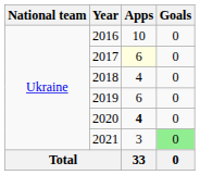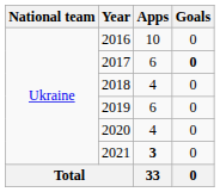 <table class="wikitable" style="text-align:center">
 <tr>
 <th>National team</th>
 <th>Year</th>
 <th>Apps</th>
 <th>Goals</th>
 </tr>
 <tr>
 <td rowspan="6"><a href='#'>Ukraine</a></td>
 <td>2016</td>
 <td>10</td>
 <td>0</td>
 </tr>
 <tr>
 <td>2017</td>
-<td style="background: lightyellow;">6</td>
-<td>0</td>
+<td>6</td>
+<td><strong>0</strong></td>
 </tr>
 <tr>
 <td>2018</td>
 <td>4</td>
 <td>0</td>
 </tr>
 <tr>
 <td>2019</td>
 <td>6</td>
 <td>0</td>
 </tr>
 <tr>
 <td>2020</td>
-<td><strong>4</strong></td>
+<td>4</td>
 <td>0</td>
 </tr>
 <tr>
 <td>2021</td>
-<td>3</td>
-<td style="background: lightgreen;">0</td>
+<td><strong>3</strong></td>
+<td>0</td>
 </tr>
 <tr>
 <th colspan="2">Total</th>
 <th>33</th>
 <th>0</th>
 </tr>
 </table>
